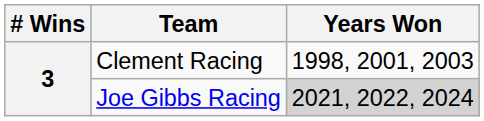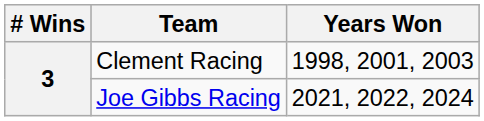 <table class="wikitable" style="font-size: 95%;">
 <tr>
 <th># Wins</th>
 <th>Team</th>
 <th>Years Won</th>
 </tr>
 <tr>
 <th rowspan="2">3</th>
 <td>Clement Racing</td>
 <td>1998, 2001, 2003</td>
 </tr>
 <tr>
 <td><a href='#'>Joe Gibbs Racing</a></td>
-<td style="background: lightgrey;">2021, 2022, 2024</td>
+<td>2021, 2022, 2024</td>
 </tr>
 </table>
